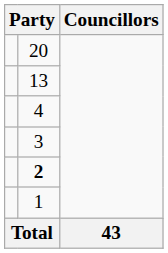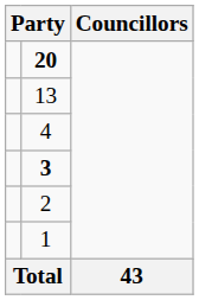 <table class="wikitable">
 <tr>
 <th colspan=2>Party</th>
 <th>Councillors</th>
 </tr>
 <tr>
 <td></td>
-<td align=center>20</td>
+<td align=center><strong>20</strong></td>
 </tr>
 <tr>
 <td></td>
 <td align=center>13</td>
 </tr>
 <tr>
 <td></td>
 <td align=center>4</td>
 </tr>
 <tr>
 <td></td>
-<td align=center>3</td>
+<td align=center><strong>3</strong></td>
 </tr>
 <tr>
 <td></td>
-<td align=center><strong>2</strong></td>
+<td align=center>2</td>
 </tr>
 <tr>
 <td></td>
 <td align=center>1</td>
 </tr>
 <tr>
 <th colspan=2>Total</th>
 <th align=center>43</th>
 </tr>
 </table>
